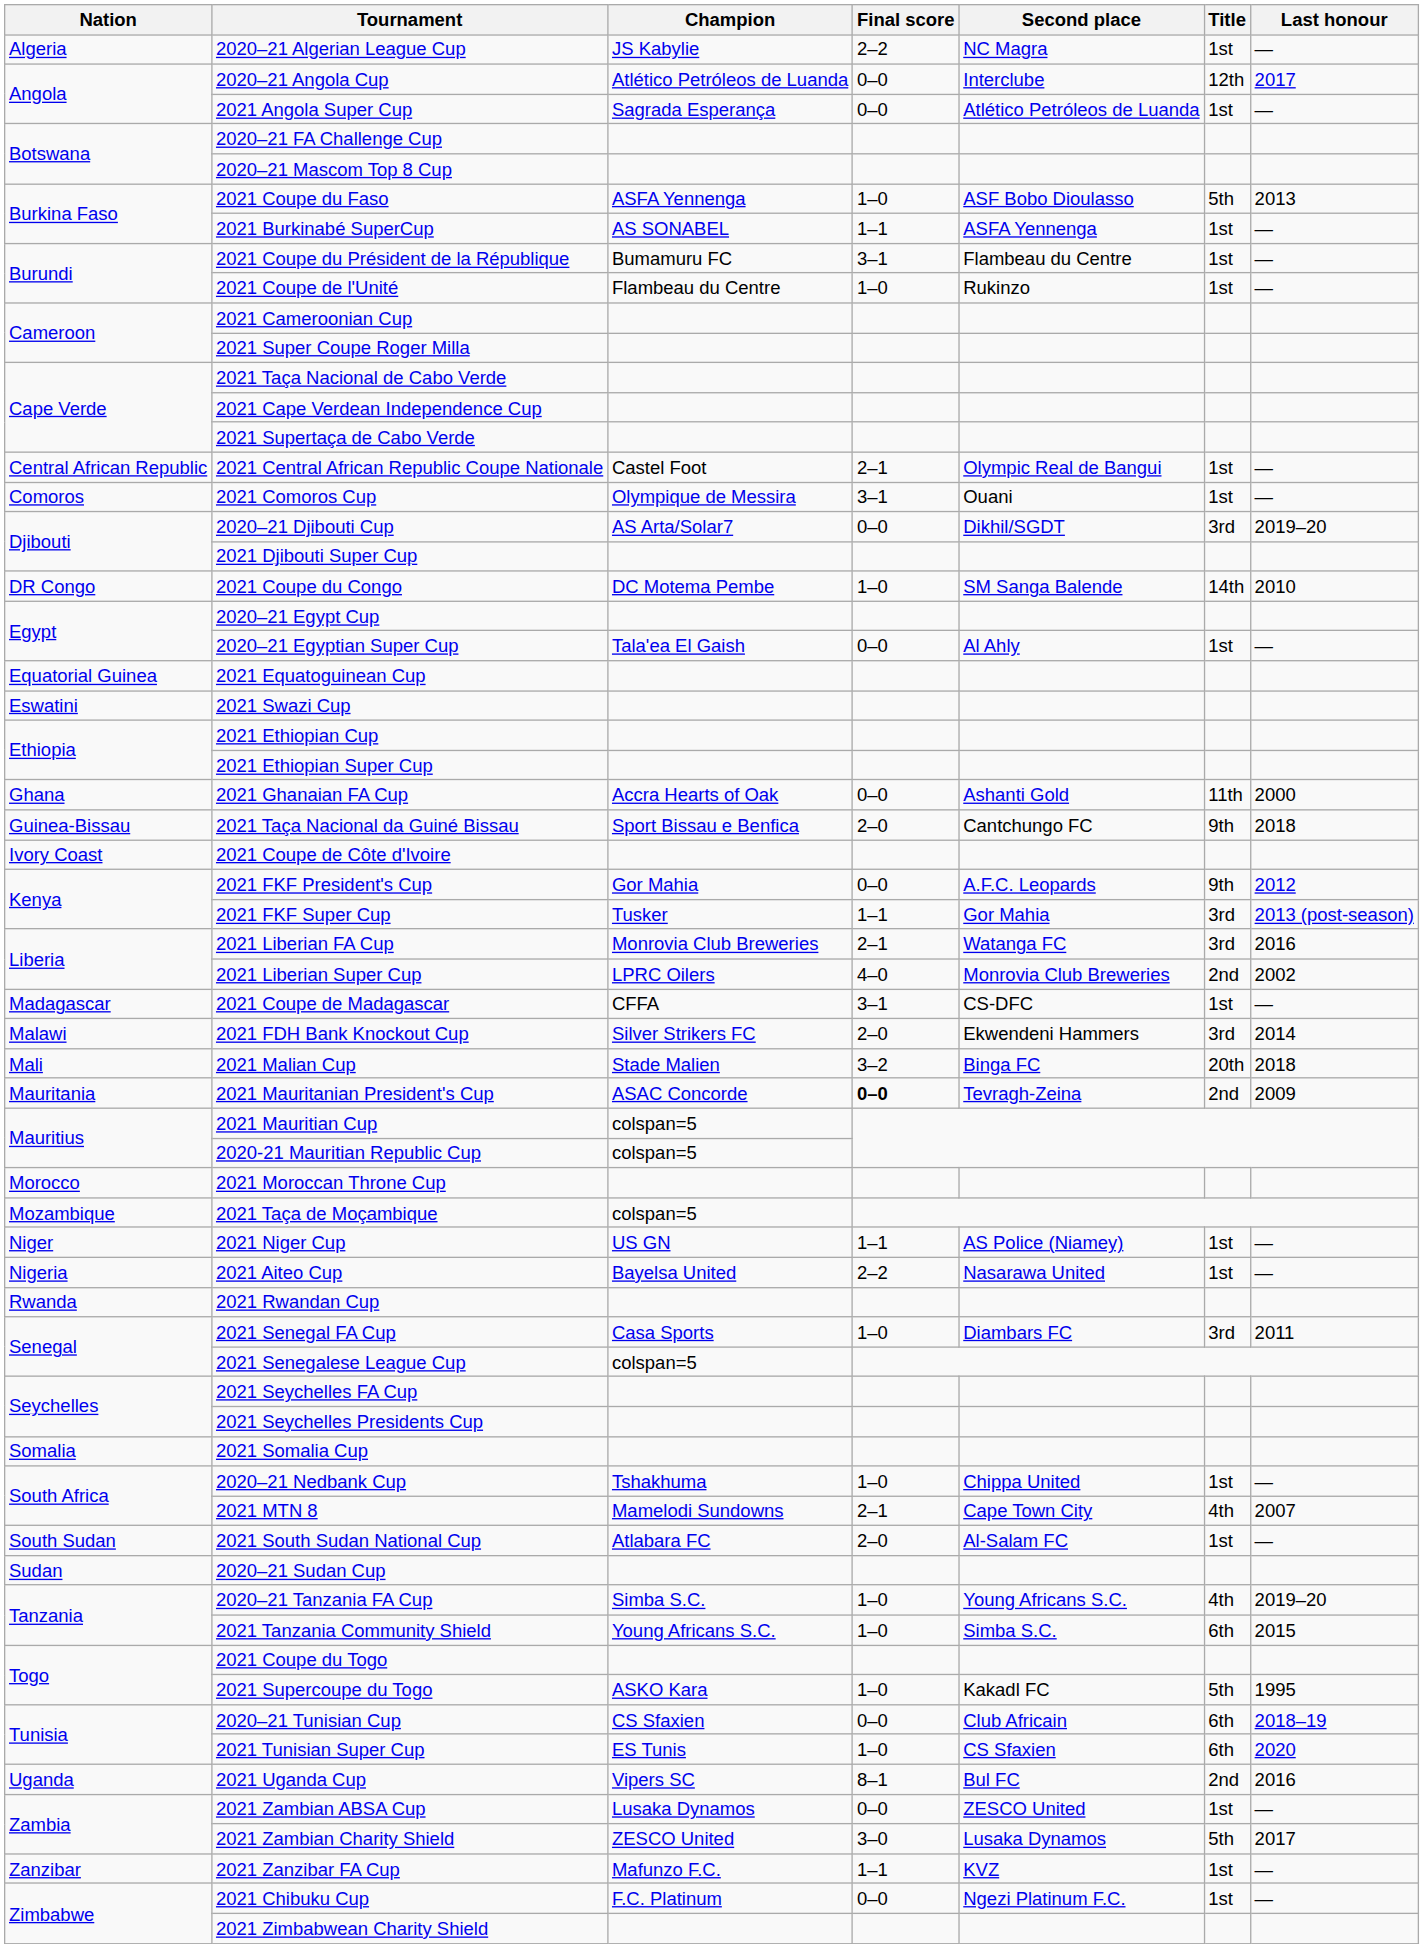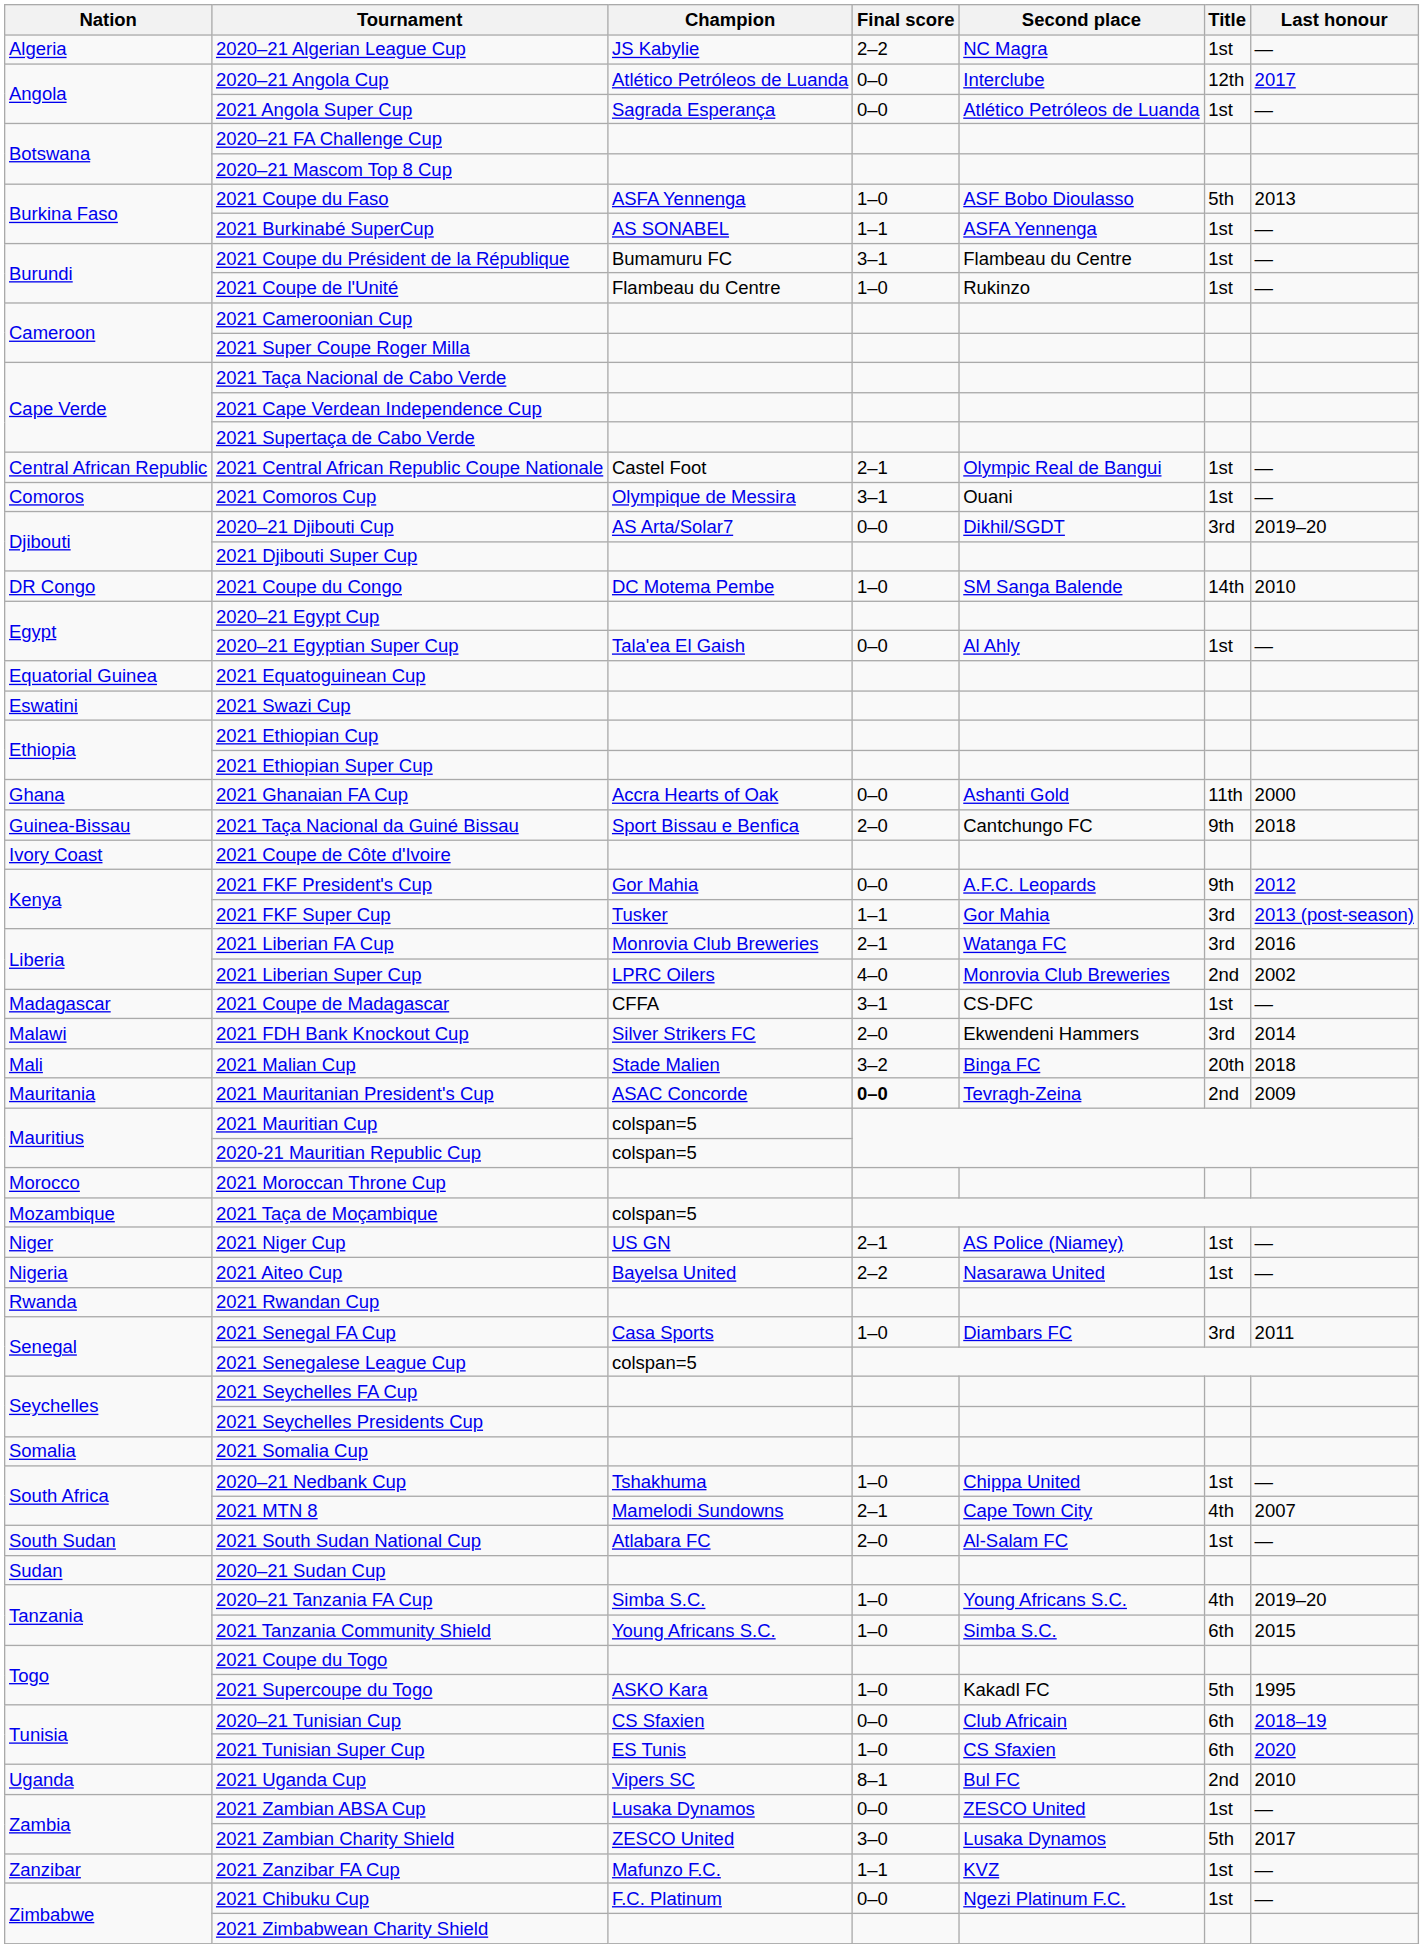 <table class=wikitable style="font-size:14px">
 <tr>
 <th>Nation</th>
 <th>Tournament</th>
 <th>Champion</th>
 <th>Final score</th>
 <th>Second place</th>
 <th data-sort-type="number">Title</th>
 <th>Last honour</th>
 </tr>
 <tr>
 <td> <a href='#'>Algeria</a></td>
 <td><a href='#'>2020–21 Algerian League Cup</a></td>
 <td><a href='#'>JS Kabylie</a></td>
 <td>2–2 </td>
 <td><a href='#'>NC Magra</a></td>
 <td>1st</td>
 <td>—</td>
 </tr>
 <tr>
 <td rowspan=2> <a href='#'>Angola</a></td>
 <td><a href='#'>2020–21 Angola Cup</a></td>
 <td><a href='#'>Atlético Petróleos de Luanda</a></td>
 <td>0–0 </td>
 <td><a href='#'>Interclube</a></td>
 <td>12th</td>
 <td><a href='#'>2017</a></td>
 </tr>
 <tr>
 <td><a href='#'>2021 Angola Super Cup</a></td>
 <td><a href='#'>Sagrada Esperança</a></td>
 <td>0–0 </td>
 <td><a href='#'>Atlético Petróleos de Luanda</a></td>
 <td>1st</td>
 <td>—</td>
 </tr>
 <tr>
 <td rowspan=2> <a href='#'>Botswana</a></td>
 <td><a href='#'>2020–21 FA Challenge Cup</a></td>
 <td></td>
 <td></td>
 <td></td>
 <td></td>
 <td></td>
 </tr>
 <tr>
 <td><a href='#'>2020–21 Mascom Top 8 Cup</a></td>
 <td></td>
 <td></td>
 <td></td>
 <td></td>
 <td></td>
 </tr>
 <tr>
 <td rowspan=2> <a href='#'>Burkina Faso</a></td>
 <td><a href='#'>2021 Coupe du Faso</a></td>
 <td><a href='#'>ASFA Yennenga</a></td>
 <td>1–0</td>
 <td><a href='#'>ASF Bobo Dioulasso</a></td>
 <td>5th</td>
 <td>2013</td>
 </tr>
 <tr>
 <td><a href='#'>2021 Burkinabé SuperCup</a></td>
 <td><a href='#'>AS SONABEL</a></td>
 <td>1–1 </td>
 <td><a href='#'>ASFA Yennenga</a></td>
 <td>1st</td>
 <td>—</td>
 </tr>
 <tr>
 <td rowspan=2> <a href='#'>Burundi</a></td>
 <td><a href='#'>2021 Coupe du Président de la République</a></td>
 <td>Bumamuru FC</td>
 <td>3–1</td>
 <td>Flambeau du Centre</td>
 <td>1st</td>
 <td>—</td>
 </tr>
 <tr>
 <td><a href='#'>2021 Coupe de l'Unité</a></td>
 <td>Flambeau du Centre</td>
 <td>1–0</td>
 <td>Rukinzo</td>
 <td>1st</td>
 <td>—</td>
 </tr>
 <tr>
 <td rowspan=2> <a href='#'>Cameroon</a></td>
 <td><a href='#'>2021 Cameroonian Cup</a></td>
 <td></td>
 <td></td>
 <td></td>
 <td></td>
 <td></td>
 </tr>
 <tr>
 <td><a href='#'>2021 Super Coupe Roger Milla</a></td>
 <td></td>
 <td></td>
 <td></td>
 <td></td>
 <td></td>
 </tr>
 <tr>
 <td rowspan="3" style="text-align:left;"> <a href='#'>Cape Verde</a></td>
 <td><a href='#'>2021 Taça Nacional de Cabo Verde</a></td>
 <td></td>
 <td></td>
 <td></td>
 <td></td>
 <td></td>
 </tr>
 <tr>
 <td align=left><a href='#'>2021 Cape Verdean Independence Cup</a></td>
 <td></td>
 <td></td>
 <td></td>
 <td></td>
 <td></td>
 </tr>
 <tr>
 <td align=left><a href='#'>2021 Supertaça de Cabo Verde</a></td>
 <td></td>
 <td></td>
 <td></td>
 <td></td>
 <td></td>
 </tr>
 <tr>
 <td> <a href='#'>Central African Republic</a></td>
 <td><a href='#'>2021 Central African Republic Coupe Nationale</a></td>
 <td>Castel Foot</td>
 <td>2–1</td>
 <td><a href='#'>Olympic Real de Bangui</a></td>
 <td>1st</td>
 <td>—</td>
 </tr>
 <tr>
 <td> <a href='#'>Comoros</a></td>
 <td><a href='#'>2021 Comoros Cup</a></td>
 <td><a href='#'>Olympique de Messira</a></td>
 <td>3–1</td>
 <td>Ouani</td>
 <td>1st</td>
 <td>—</td>
 </tr>
 <tr>
 <td rowspan=2> <a href='#'>Djibouti</a></td>
 <td><a href='#'>2020–21 Djibouti Cup</a></td>
 <td><a href='#'>AS Arta/Solar7</a></td>
 <td>0–0 </td>
 <td><a href='#'>Dikhil/SGDT</a></td>
 <td>3rd</td>
 <td>2019–20</td>
 </tr>
 <tr>
 <td><a href='#'>2021 Djibouti Super Cup</a></td>
 <td></td>
 <td></td>
 <td></td>
 <td></td>
 <td></td>
 </tr>
 <tr>
 <td> <a href='#'>DR Congo</a></td>
 <td><a href='#'>2021 Coupe du Congo</a></td>
 <td><a href='#'>DC Motema Pembe</a></td>
 <td>1–0</td>
 <td><a href='#'>SM Sanga Balende</a></td>
 <td>14th</td>
 <td>2010</td>
 </tr>
 <tr>
 <td rowspan=2> <a href='#'>Egypt</a></td>
 <td><a href='#'>2020–21 Egypt Cup</a></td>
 <td></td>
 <td></td>
 <td></td>
 <td></td>
 <td></td>
 </tr>
 <tr>
 <td><a href='#'>2020–21 Egyptian Super Cup</a></td>
 <td><a href='#'>Tala'ea El Gaish</a></td>
 <td>0–0 </td>
 <td><a href='#'>Al Ahly</a></td>
 <td>1st</td>
 <td>—</td>
 </tr>
 <tr>
 <td> <a href='#'>Equatorial Guinea</a></td>
 <td><a href='#'>2021 Equatoguinean Cup</a></td>
 <td></td>
 <td></td>
 <td></td>
 <td></td>
 <td></td>
 </tr>
 <tr>
 <td> <a href='#'>Eswatini</a></td>
 <td><a href='#'>2021 Swazi Cup</a></td>
 <td></td>
 <td></td>
 <td></td>
 <td></td>
 <td></td>
 </tr>
 <tr>
 <td rowspan=2> <a href='#'>Ethiopia</a></td>
 <td><a href='#'>2021 Ethiopian Cup</a></td>
 <td></td>
 <td></td>
 <td></td>
 <td></td>
 <td></td>
 </tr>
 <tr>
 <td><a href='#'>2021 Ethiopian Super Cup</a></td>
 <td></td>
 <td></td>
 <td></td>
 <td></td>
 <td></td>
 </tr>
 <tr>
 <td> <a href='#'>Ghana</a></td>
 <td><a href='#'>2021 Ghanaian FA Cup</a></td>
 <td><a href='#'>Accra Hearts of Oak</a></td>
 <td>0–0 </td>
 <td><a href='#'>Ashanti Gold</a></td>
 <td>11th</td>
 <td>2000</td>
 </tr>
 <tr>
 <td> <a href='#'>Guinea-Bissau</a></td>
 <td><a href='#'>2021 Taça Nacional da Guiné Bissau</a></td>
 <td><a href='#'>Sport Bissau e Benfica</a></td>
 <td>2–0</td>
 <td>Cantchungo FC</td>
 <td>9th</td>
 <td>2018</td>
 </tr>
 <tr>
 <td> <a href='#'>Ivory Coast</a></td>
 <td><a href='#'>2021 Coupe de Côte d'Ivoire</a></td>
 <td></td>
 <td></td>
 <td></td>
 <td></td>
 <td></td>
 </tr>
 <tr>
 <td rowspan=2> <a href='#'>Kenya</a></td>
 <td><a href='#'>2021 FKF President's Cup</a></td>
 <td><a href='#'>Gor Mahia</a></td>
 <td>0–0 </td>
 <td><a href='#'>A.F.C. Leopards</a></td>
 <td>9th</td>
 <td><a href='#'>2012</a></td>
 </tr>
 <tr>
 <td><a href='#'>2021 FKF Super Cup</a></td>
 <td><a href='#'>Tusker</a></td>
 <td>1–1 </td>
 <td><a href='#'>Gor Mahia</a></td>
 <td>3rd</td>
 <td><a href='#'>2013 (post-season)</a></td>
 </tr>
 <tr>
 <td rowspan=2> <a href='#'>Liberia</a></td>
 <td><a href='#'>2021 Liberian FA Cup</a></td>
 <td><a href='#'>Monrovia Club Breweries</a></td>
 <td>2–1</td>
 <td><a href='#'>Watanga FC</a></td>
 <td>3rd</td>
 <td>2016</td>
 </tr>
 <tr>
 <td><a href='#'>2021 Liberian Super Cup</a></td>
 <td><a href='#'>LPRC Oilers</a></td>
 <td>4–0</td>
 <td><a href='#'>Monrovia Club Breweries</a></td>
 <td>2nd</td>
 <td>2002</td>
 </tr>
 <tr>
 <td> <a href='#'>Madagascar</a></td>
 <td><a href='#'>2021 Coupe de Madagascar</a></td>
 <td>CFFA</td>
 <td>3–1</td>
 <td>CS-DFC</td>
 <td>1st</td>
 <td>—</td>
 </tr>
 <tr>
 <td> <a href='#'>Malawi</a></td>
 <td><a href='#'>2021 FDH Bank Knockout Cup</a></td>
 <td><a href='#'>Silver Strikers FC</a></td>
 <td>2–0</td>
 <td>Ekwendeni Hammers</td>
 <td>3rd</td>
 <td>2014</td>
 </tr>
 <tr>
 <td> <a href='#'>Mali</a></td>
 <td><a href='#'>2021 Malian Cup</a></td>
 <td><a href='#'>Stade Malien</a></td>
 <td>3–2</td>
 <td><a href='#'>Binga FC</a></td>
 <td>20th</td>
 <td>2018</td>
 </tr>
 <tr>
 <td> <a href='#'>Mauritania</a></td>
 <td><a href='#'>2021 Mauritanian President's Cup</a></td>
 <td><a href='#'>ASAC Concorde</a></td>
 <td><strong>0–0 </strong></td>
 <td><a href='#'>Tevragh-Zeina</a></td>
 <td>2nd</td>
 <td>2009</td>
 </tr>
 <tr>
 <td rowspan=2> <a href='#'>Mauritius</a></td>
 <td><a href='#'>2021 Mauritian Cup</a></td>
 <td>colspan=5 </td>
 </tr>
 <tr>
 <td><a href='#'>2020-21 Mauritian Republic Cup</a></td>
 <td>colspan=5 </td>
 </tr>
 <tr>
 <td> <a href='#'>Morocco</a></td>
 <td><a href='#'>2021 Moroccan Throne Cup</a></td>
 <td></td>
 <td></td>
 <td></td>
 <td></td>
 <td></td>
 </tr>
 <tr>
 <td> <a href='#'>Mozambique</a></td>
 <td><a href='#'>2021 Taça de Moçambique</a></td>
 <td>colspan=5 </td>
 </tr>
 <tr>
 <td> <a href='#'>Niger</a></td>
 <td><a href='#'>2021 Niger Cup</a></td>
 <td><a href='#'>US GN</a></td>
-<td>1–1 </td>
+<td>2–1</td>
 <td><a href='#'>AS Police (Niamey)</a></td>
 <td>1st</td>
 <td>—</td>
 </tr>
 <tr>
 <td> <a href='#'>Nigeria</a></td>
 <td><a href='#'>2021 Aiteo Cup</a></td>
 <td><a href='#'>Bayelsa United</a></td>
 <td>2–2 </td>
 <td><a href='#'>Nasarawa United</a></td>
 <td>1st</td>
 <td>—</td>
 </tr>
 <tr>
 <td> <a href='#'>Rwanda</a></td>
 <td><a href='#'>2021 Rwandan Cup</a></td>
 <td></td>
 <td></td>
 <td></td>
 <td></td>
 <td></td>
 </tr>
 <tr>
 <td rowspan=2> <a href='#'>Senegal</a></td>
 <td><a href='#'>2021 Senegal FA Cup</a></td>
 <td><a href='#'>Casa Sports</a></td>
 <td>1–0</td>
 <td><a href='#'>Diambars FC</a></td>
 <td>3rd</td>
 <td>2011</td>
 </tr>
 <tr>
 <td><a href='#'>2021 Senegalese League Cup</a></td>
 <td>colspan=5 </td>
 </tr>
 <tr>
 <td rowspan=2> <a href='#'>Seychelles</a></td>
 <td><a href='#'>2021 Seychelles FA Cup</a></td>
 <td></td>
 <td></td>
 <td></td>
 <td></td>
 <td></td>
 </tr>
 <tr>
 <td><a href='#'>2021 Seychelles Presidents Cup</a></td>
 <td></td>
 <td></td>
 <td></td>
 <td></td>
 <td></td>
 </tr>
 <tr>
 <td> <a href='#'>Somalia</a></td>
 <td><a href='#'>2021 Somalia Cup</a></td>
 <td></td>
 <td></td>
 <td></td>
 <td></td>
 <td></td>
 </tr>
 <tr>
 <td rowspan=2> <a href='#'>South Africa</a></td>
 <td><a href='#'>2020–21 Nedbank Cup</a></td>
 <td><a href='#'>Tshakhuma</a></td>
 <td>1–0</td>
 <td><a href='#'>Chippa United</a></td>
 <td>1st</td>
 <td>—</td>
 </tr>
 <tr>
 <td><a href='#'>2021 MTN 8</a></td>
 <td><a href='#'>Mamelodi Sundowns</a></td>
 <td>2–1</td>
 <td><a href='#'>Cape Town City</a></td>
 <td>4th</td>
 <td>2007</td>
 </tr>
 <tr>
 <td> <a href='#'>South Sudan</a></td>
 <td><a href='#'>2021 South Sudan National Cup</a></td>
 <td><a href='#'>Atlabara FC</a></td>
 <td>2–0</td>
 <td><a href='#'>Al-Salam FC</a></td>
 <td>1st</td>
 <td>—</td>
 </tr>
 <tr>
 <td> <a href='#'>Sudan</a></td>
 <td><a href='#'>2020–21 Sudan Cup</a></td>
 <td></td>
 <td></td>
 <td></td>
 <td></td>
 <td></td>
 </tr>
 <tr>
 <td rowspan=2> <a href='#'>Tanzania</a></td>
 <td><a href='#'>2020–21 Tanzania FA Cup</a></td>
 <td><a href='#'>Simba S.C.</a></td>
 <td>1–0</td>
 <td><a href='#'>Young Africans S.C.</a></td>
 <td>4th</td>
 <td>2019–20</td>
 </tr>
 <tr>
 <td><a href='#'>2021 Tanzania Community Shield</a></td>
 <td><a href='#'>Young Africans S.C.</a></td>
 <td>1–0</td>
 <td><a href='#'>Simba S.C.</a></td>
 <td>6th</td>
 <td>2015</td>
 </tr>
 <tr>
 <td rowspan=2> <a href='#'>Togo</a></td>
 <td><a href='#'>2021 Coupe du Togo</a></td>
 <td></td>
 <td></td>
 <td></td>
 <td></td>
 <td></td>
 </tr>
 <tr>
 <td><a href='#'>2021 Supercoupe du Togo</a></td>
 <td><a href='#'>ASKO Kara</a></td>
 <td>1–0</td>
 <td>Kakadl FC</td>
 <td>5th</td>
 <td>1995</td>
 </tr>
 <tr>
 <td rowspan=2> <a href='#'>Tunisia</a></td>
 <td><a href='#'>2020–21 Tunisian Cup</a></td>
 <td><a href='#'>CS Sfaxien</a></td>
 <td>0–0 </td>
 <td><a href='#'>Club Africain</a></td>
 <td>6th</td>
 <td><a href='#'>2018–19</a></td>
 </tr>
 <tr>
 <td><a href='#'>2021 Tunisian Super Cup</a></td>
 <td><a href='#'>ES Tunis</a></td>
 <td>1–0</td>
 <td><a href='#'>CS Sfaxien</a></td>
 <td>6th</td>
 <td><a href='#'>2020</a></td>
 </tr>
 <tr>
 <td> <a href='#'>Uganda</a></td>
 <td><a href='#'>2021 Uganda Cup</a></td>
 <td><a href='#'>Vipers SC</a></td>
 <td>8–1</td>
 <td><a href='#'>Bul FC</a></td>
 <td>2nd</td>
-<td>2016</td>
+<td>2010</td>
 </tr>
 <tr>
 <td rowspan=2> <a href='#'>Zambia</a></td>
 <td><a href='#'>2021 Zambian ABSA Cup</a></td>
 <td><a href='#'>Lusaka Dynamos</a></td>
 <td>0–0 </td>
 <td><a href='#'>ZESCO United</a></td>
 <td>1st</td>
 <td>—</td>
 </tr>
 <tr>
 <td><a href='#'>2021 Zambian Charity Shield</a></td>
 <td><a href='#'>ZESCO United</a></td>
 <td>3–0</td>
 <td><a href='#'>Lusaka Dynamos</a></td>
 <td>5th</td>
 <td>2017</td>
 </tr>
 <tr>
 <td align=left> <a href='#'>Zanzibar</a></td>
 <td align=left><a href='#'>2021 Zanzibar FA Cup</a></td>
 <td><a href='#'>Mafunzo F.C.</a></td>
 <td>1–1 </td>
 <td><a href='#'>KVZ</a></td>
 <td>1st</td>
 <td>—</td>
 </tr>
 <tr>
 <td rowspan=2> <a href='#'>Zimbabwe</a></td>
 <td><a href='#'>2021 Chibuku Cup</a></td>
 <td><a href='#'>F.C. Platinum</a></td>
 <td>0–0 </td>
 <td><a href='#'>Ngezi Platinum F.C.</a></td>
 <td>1st</td>
 <td>—</td>
 </tr>
 <tr>
 <td><a href='#'>2021 Zimbabwean Charity Shield</a></td>
 <td></td>
 <td></td>
 <td></td>
 <td></td>
 <td></td>
 </tr>
 </table>
